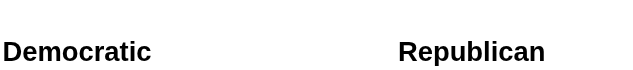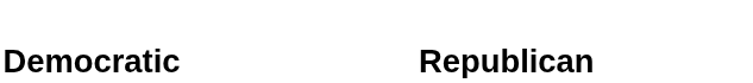 <table style="width:70%; text-align:center">
 <tr style="color:white">
 <td style="background:"><strong>183</strong></td>
+<td style="background:"><strong>246</strong></td>
 <td style="background:"><strong>6</strong></td>
-<td style="background:"><strong>246</strong></td>
 </tr>
 <tr>
 <td><span><strong>Democratic</strong></span></td>
+<td><span><strong>Republican</strong></span></td>
 <td></td>
-<td><span><strong>Republican</strong></span></td>
 </tr>
 </table>
